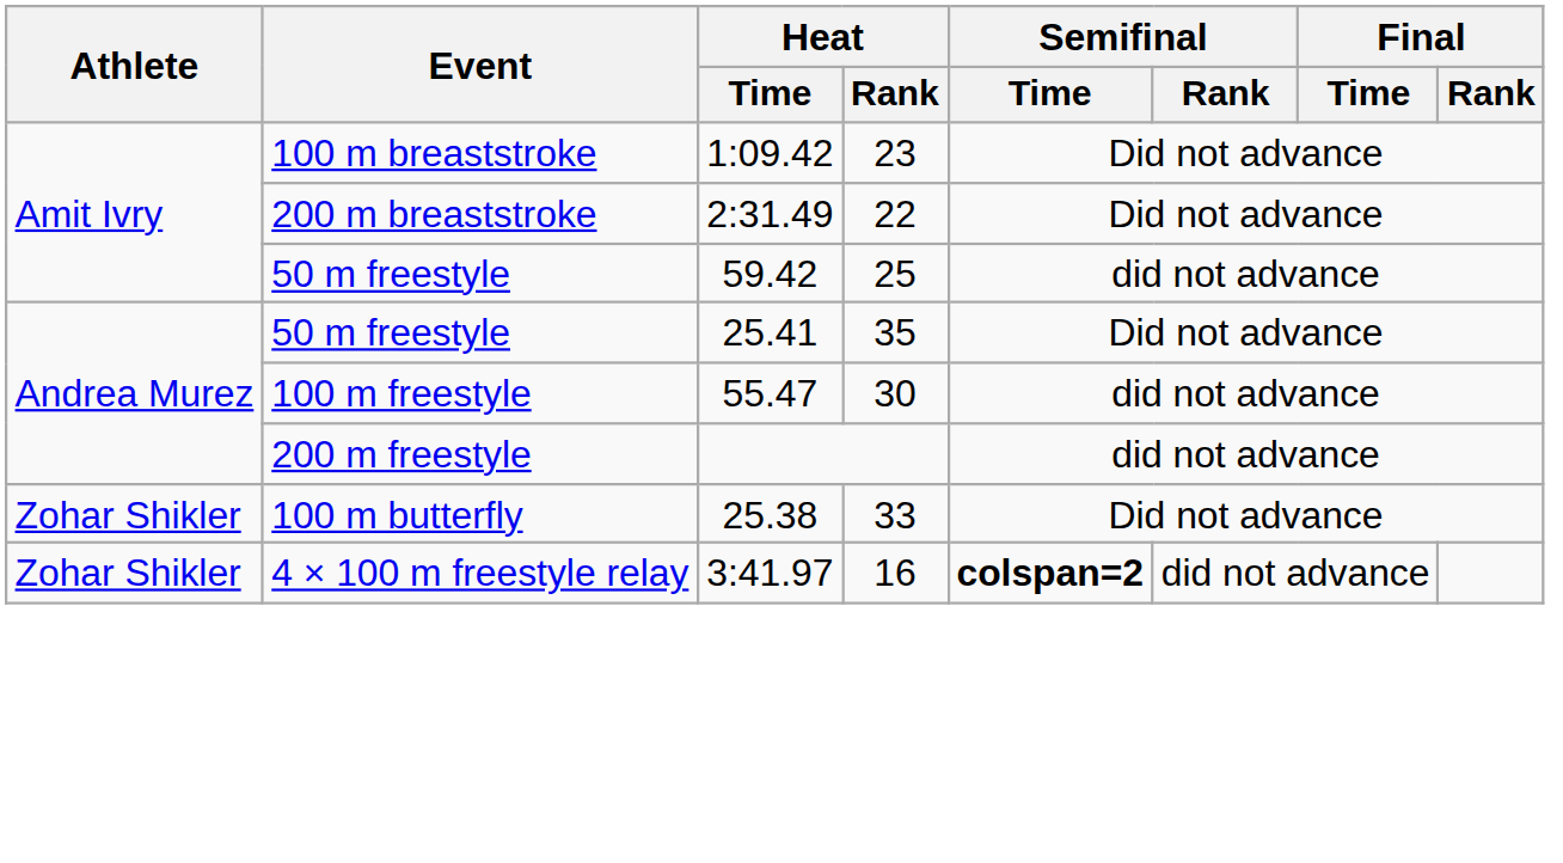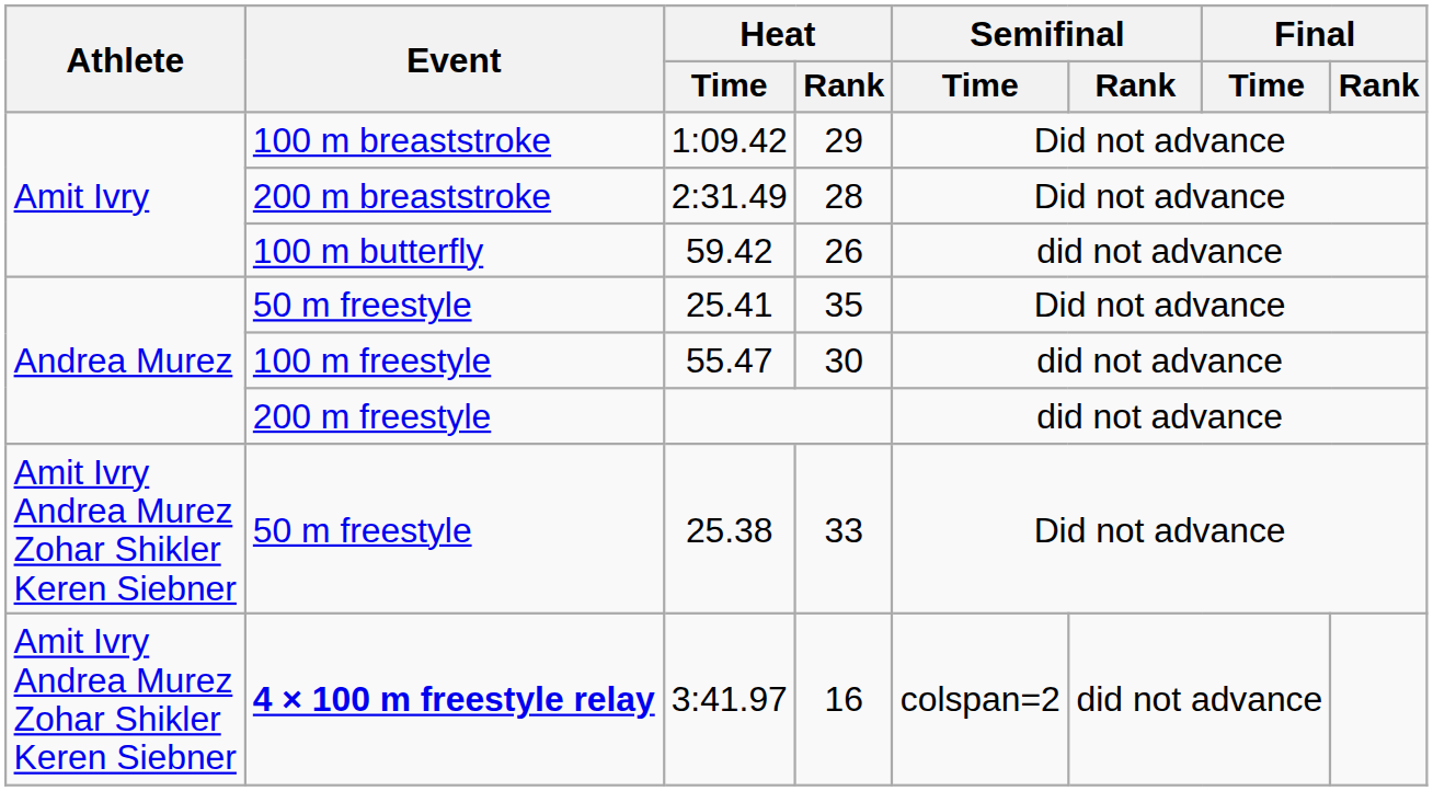 <table class=wikitable style="font-size:90%">
 <tr>
 <th rowspan="2">Athlete</th>
 <th rowspan="2">Event</th>
 <th colspan="2">Heat</th>
 <th colspan="2">Semifinal</th>
 <th colspan="2">Final</th>
 </tr>
 <tr style="font-size:95%">
 <th>Time</th>
 <th>Rank</th>
 <th>Time</th>
 <th>Rank</th>
 <th>Time</th>
 <th>Rank</th>
 </tr>
 <tr style="text-align:center;">
 <td style="text-align:left;" rowspan="3"><a href='#'>Amit Ivry</a></td>
 <td align=left><a href='#'>100 m breaststroke</a></td>
 <td>1:09.42</td>
-<td>23</td>
+<td>29</td>
 <td colspan="4">Did not advance</td>
 </tr>
 <tr align=center>
 <td align=left><a href='#'>200 m breaststroke</a></td>
 <td>2:31.49</td>
-<td>22</td>
+<td>28</td>
 <td colspan="4">Did not advance</td>
 </tr>
 <tr align=center>
-<td align=left><a href='#'>50 m freestyle</a></td>
+<td align=left><a href='#'>100 m butterfly</a></td>
 <td>59.42</td>
-<td>25</td>
+<td>26</td>
 <td colspan=4>did not advance</td>
 </tr>
 <tr style="text-align:center;">
 <td style="text-align:left;" rowspan="3"><a href='#'>Andrea Murez</a></td>
 <td align=left><a href='#'>50 m freestyle</a></td>
 <td>25.41</td>
 <td>35</td>
 <td colspan="4">Did not advance</td>
 </tr>
 <tr align=center>
 <td align=left><a href='#'>100 m freestyle</a></td>
 <td>55.47</td>
 <td>30</td>
 <td colspan=4>did not advance</td>
 </tr>
 <tr align=center>
 <td align=left><a href='#'>200 m freestyle</a></td>
 <td colspan=2></td>
 <td colspan=4>did not advance</td>
 </tr>
 <tr style="text-align:center;">
-<td align=left><a href='#'>Zohar Shikler</a></td>
-<td align=left><a href='#'>100 m butterfly</a></td>
+<td align=left><a href='#'>Amit Ivry</a><br><a href='#'>Andrea Murez</a><br><a href='#'>Zohar Shikler</a><br><a href='#'>Keren Siebner</a></td>
+<td align=left><a href='#'>50 m freestyle</a></td>
 <td>25.38</td>
 <td>33</td>
 <td colspan="4">Did not advance</td>
 </tr>
 <tr style="text-align:center;">
-<td align=left><a href='#'>Zohar Shikler</a></td>
-<td align=left><a href='#'>4 × 100 m freestyle relay</a></td>
+<td align=left><a href='#'>Amit Ivry</a><br><a href='#'>Andrea Murez</a><br><a href='#'>Zohar Shikler</a><br><a href='#'>Keren Siebner</a></td>
+<td align=left><strong><a href='#'>4 × 100 m freestyle relay</a></strong></td>
 <td>3:41.97</td>
 <td>16</td>
-<td><strong>colspan=2 </strong></td>
+<td>colspan=2 </td>
 <td colspan=2>did not advance</td>
 </tr>
 </table>
